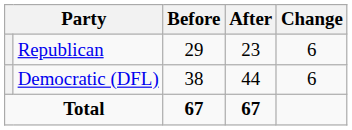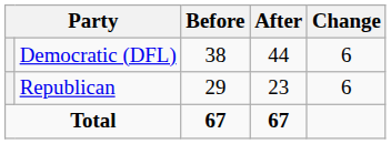 <table class="wikitable" style="text-align:center;">
 <tr>
 <th colspan="2">Party</th>
 <th>Before</th>
 <th>After</th>
 <th>Change</th>
 </tr>
 <tr>
 <th style="background-color:"></th>
-<td style="text-align:left;"><a href='#'>Republican</a></td>
-<td>29</td>
-<td>23</td>
+<td style="text-align:left;"><a href='#'>Democratic (DFL)</a></td>
+<td>38</td>
+<td>44</td>
 <td> 6</td>
 </tr>
 <tr>
 <th style="background-color:"></th>
-<td style="text-align:left;"><a href='#'>Democratic (DFL)</a></td>
-<td>38</td>
-<td>44</td>
+<td style="text-align:left;"><a href='#'>Republican</a></td>
+<td>29</td>
+<td>23</td>
 <td> 6</td>
 </tr>
 <tr>
 <td colspan="2"><strong>Total</strong></td>
 <td><strong>67</strong></td>
 <td><strong>67</strong></td>
 <td></td>
 </tr>
 </table>
